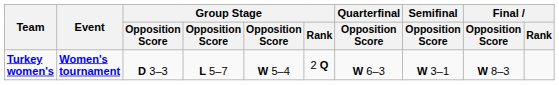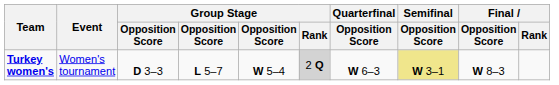 <table class="wikitable" style="font-size:90%;text-align:center">
 <tr>
 <th rowspan="2">Team</th>
 <th rowspan="2">Event</th>
 <th colspan="4">Group Stage</th>
 <th>Quarterfinal</th>
 <th>Semifinal</th>
 <th colspan="2">Final / </th>
 </tr>
 <tr style="font-size:95%">
 <th>Opposition<br>Score</th>
 <th>Opposition<br>Score</th>
 <th>Opposition<br>Score</th>
 <th>Rank</th>
 <th>Opposition<br>Score</th>
 <th>Opposition<br>Score</th>
 <th>Opposition<br>Score</th>
 <th>Rank</th>
 </tr>
 <tr>
 <td style="text-align:left"><strong><a href='#'>Turkey women's</a></strong></td>
-<td align=left><strong><a href='#'>Women's tournament</a></strong></td>
+<td align=left><a href='#'>Women's tournament</a></td>
 <td><br><strong>D</strong> 3–3</td>
 <td><br><strong>L</strong> 5–7</td>
 <td><br><strong>W</strong> 5–4</td>
-<td>2 <strong>Q</strong></td>
+<td style="background: lightgrey;">2 <strong>Q</strong></td>
 <td><br><strong>W</strong> 6–3</td>
-<td><br><strong>W</strong> 3–1</td>
+<td style="background: khaki;"><br><strong>W</strong> 3–1</td>
 <td><br><strong>W</strong> 8–3</td>
 <td></td>
 </tr>
 </table>
